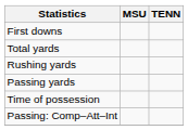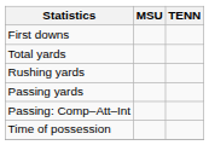 <table class="wikitable" style="float: left;">
 <tr>
 <th>Statistics</th>
 <th>MSU</th>
 <th>TENN</th>
 </tr>
 <tr>
 <td>First downs</td>
 <td></td>
 <td></td>
 </tr>
 <tr>
 <td>Total yards</td>
 <td></td>
 <td></td>
 </tr>
 <tr>
 <td>Rushing yards</td>
 <td></td>
 <td></td>
 </tr>
 <tr>
 <td>Passing yards</td>
 <td></td>
 <td></td>
 </tr>
 <tr>
-<td>Time of possession</td>
+<td>Passing: Comp–Att–Int</td>
 <td></td>
 <td></td>
 </tr>
 <tr>
-<td>Passing: Comp–Att–Int</td>
+<td>Time of possession</td>
 <td></td>
 <td></td>
 </tr>
 <tr>
 </tr>
 </table>
